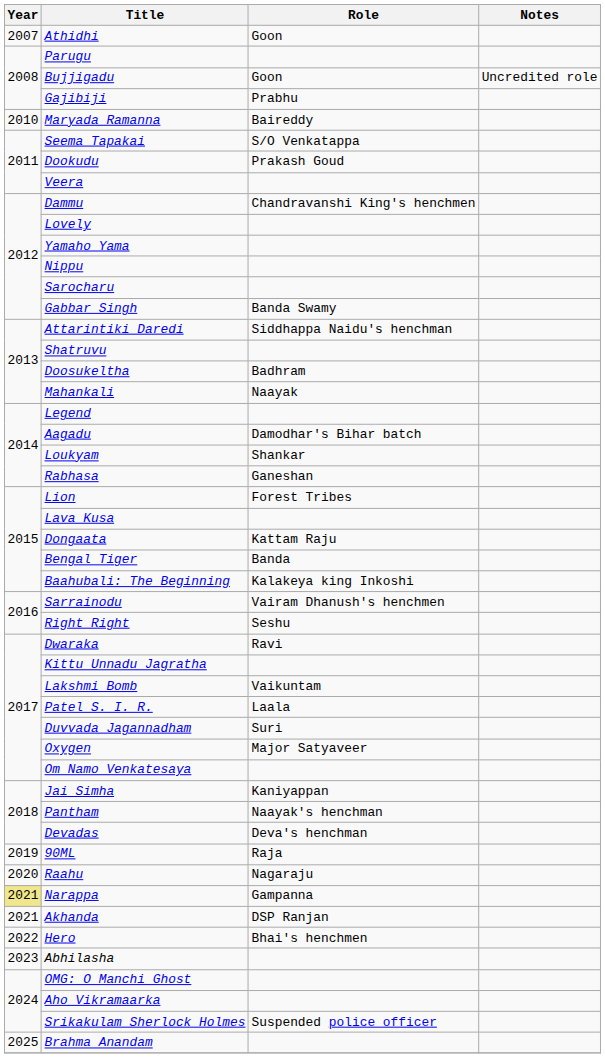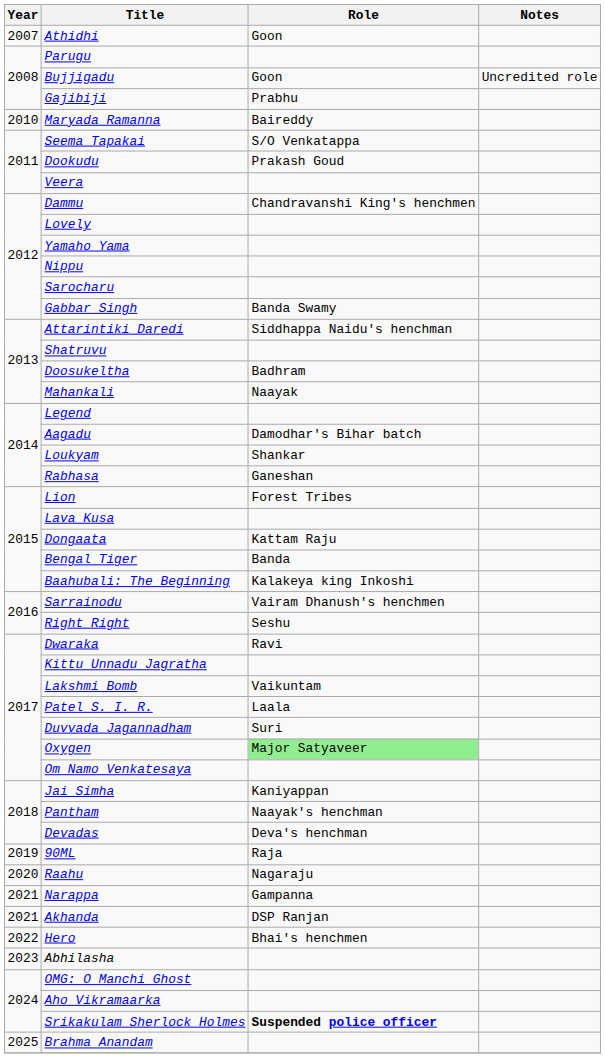 <table class="wikitable">
 <tr>
 <th>Year</th>
 <th>Title</th>
 <th>Role</th>
 <th>Notes</th>
 </tr>
 <tr>
 <td>2007</td>
 <td><em><a href='#'>Athidhi</a></em></td>
 <td>Goon</td>
 <td></td>
 </tr>
 <tr>
 <td rowspan="3">2008</td>
 <td><em><a href='#'>Parugu</a></em></td>
 <td></td>
 <td></td>
 </tr>
 <tr>
 <td><em><a href='#'>Bujjigadu</a></em></td>
 <td>Goon</td>
 <td>Uncredited role</td>
 </tr>
 <tr>
 <td><em><a href='#'>Gajibiji</a></em></td>
 <td>Prabhu</td>
 <td></td>
 </tr>
 <tr>
 <td>2010</td>
 <td><em><a href='#'>Maryada Ramanna</a></em></td>
 <td>Baireddy</td>
 <td></td>
 </tr>
 <tr>
 <td rowspan="3">2011</td>
 <td><em><a href='#'>Seema Tapakai</a></em></td>
 <td>S/O Venkatappa</td>
 <td></td>
 </tr>
 <tr>
 <td><em><a href='#'>Dookudu</a></em></td>
 <td>Prakash Goud</td>
 <td></td>
 </tr>
 <tr>
 <td><em><a href='#'>Veera</a></em></td>
 <td></td>
 <td></td>
 </tr>
 <tr>
 <td rowspan="6">2012</td>
 <td><em><a href='#'>Dammu</a></em></td>
 <td>Chandravanshi King's henchmen</td>
 <td></td>
 </tr>
 <tr>
 <td><em><a href='#'>Lovely</a></em></td>
 <td></td>
 <td></td>
 </tr>
 <tr>
 <td><em><a href='#'>Yamaho Yama</a></em></td>
 <td></td>
 <td></td>
 </tr>
 <tr>
 <td><em><a href='#'>Nippu</a></em></td>
 <td></td>
 <td></td>
 </tr>
 <tr>
 <td><em><a href='#'>Sarocharu</a></em></td>
 <td></td>
 <td></td>
 </tr>
 <tr>
 <td><em><a href='#'>Gabbar Singh</a></em></td>
 <td>Banda Swamy</td>
 <td></td>
 </tr>
 <tr>
 <td rowspan="4">2013</td>
 <td><em><a href='#'>Attarintiki Daredi</a></em></td>
 <td>Siddhappa Naidu's henchman</td>
 <td></td>
 </tr>
 <tr>
 <td><em><a href='#'>Shatruvu</a></em></td>
 <td></td>
 <td></td>
 </tr>
 <tr>
 <td><em><a href='#'>Doosukeltha</a></em></td>
 <td>Badhram</td>
 <td></td>
 </tr>
 <tr>
 <td><em><a href='#'>Mahankali</a></em></td>
 <td>Naayak</td>
 <td></td>
 </tr>
 <tr>
 <td rowspan="4">2014</td>
 <td><em><a href='#'>Legend</a></em></td>
 <td></td>
 <td></td>
 </tr>
 <tr>
 <td><em><a href='#'>Aagadu</a></em></td>
 <td>Damodhar's Bihar batch</td>
 <td></td>
 </tr>
 <tr>
 <td><em><a href='#'>Loukyam</a></em></td>
 <td>Shankar</td>
 <td></td>
 </tr>
 <tr>
 <td><em><a href='#'>Rabhasa</a></em></td>
 <td>Ganeshan</td>
 <td></td>
 </tr>
 <tr>
 <td rowspan="5">2015</td>
 <td><em><a href='#'>Lion</a></em></td>
 <td>Forest Tribes</td>
 <td></td>
 </tr>
 <tr>
 <td><em><a href='#'>Lava Kusa</a></em></td>
 <td></td>
 <td></td>
 </tr>
 <tr>
 <td><em><a href='#'>Dongaata</a></em></td>
 <td>Kattam Raju</td>
 <td></td>
 </tr>
 <tr>
 <td><em><a href='#'>Bengal Tiger</a></em></td>
 <td>Banda</td>
 <td></td>
 </tr>
 <tr>
 <td><em><a href='#'>Baahubali: The Beginning</a></em></td>
 <td>Kalakeya king Inkoshi</td>
 <td></td>
 </tr>
 <tr>
 <td rowspan="2">2016</td>
 <td><em><a href='#'>Sarrainodu</a></em></td>
 <td>Vairam Dhanush's henchmen</td>
 <td></td>
 </tr>
 <tr>
 <td><em><a href='#'>Right Right</a></em></td>
 <td>Seshu</td>
 <td></td>
 </tr>
 <tr>
 <td rowspan="7">2017</td>
 <td><em><a href='#'>Dwaraka</a></em></td>
 <td>Ravi</td>
 <td></td>
 </tr>
 <tr>
 <td><em><a href='#'>Kittu Unnadu Jagratha</a></em></td>
 <td></td>
 <td></td>
 </tr>
 <tr>
 <td><em><a href='#'>Lakshmi Bomb</a></em></td>
 <td>Vaikuntam</td>
 <td></td>
 </tr>
 <tr>
 <td><em><a href='#'>Patel S. I. R.</a></em></td>
 <td>Laala</td>
 <td></td>
 </tr>
 <tr>
 <td><em><a href='#'>Duvvada Jagannadham</a></em></td>
 <td>Suri</td>
 <td></td>
 </tr>
 <tr>
 <td><em><a href='#'>Oxygen</a></em></td>
-<td>Major Satyaveer</td>
+<td style="background: lightgreen;">Major Satyaveer</td>
 <td></td>
 </tr>
 <tr>
 <td><em><a href='#'>Om Namo Venkatesaya</a></em></td>
 <td></td>
 <td></td>
 </tr>
 <tr>
 <td rowspan="3">2018</td>
 <td><em><a href='#'>Jai Simha</a></em></td>
 <td>Kaniyappan</td>
 <td></td>
 </tr>
 <tr>
 <td><em><a href='#'>Pantham</a></em></td>
 <td>Naayak's henchman</td>
 <td></td>
 </tr>
 <tr>
 <td><em><a href='#'>Devadas</a></em></td>
 <td>Deva's henchman</td>
 <td></td>
 </tr>
 <tr>
 <td>2019</td>
 <td><em><a href='#'>90ML</a></em></td>
 <td>Raja</td>
 <td></td>
 </tr>
 <tr>
 <td>2020</td>
 <td><em><a href='#'>Raahu</a></em></td>
 <td>Nagaraju</td>
 <td></td>
 </tr>
 <tr>
-<td style="background: khaki;">2021</td>
+<td>2021</td>
 <td><em><a href='#'>Narappa</a></em></td>
 <td>Gampanna</td>
 <td></td>
 </tr>
 <tr>
 <td>2021</td>
 <td><em><a href='#'>Akhanda</a></em></td>
 <td>DSP Ranjan</td>
 <td></td>
 </tr>
 <tr>
 <td>2022</td>
 <td><em><a href='#'>Hero</a></em></td>
 <td>Bhai's henchmen</td>
 <td></td>
 </tr>
 <tr>
 <td>2023</td>
 <td><em>Abhilasha</em></td>
 <td></td>
 <td></td>
 </tr>
 <tr>
 <td rowspan="3">2024</td>
 <td><em><a href='#'>OMG: O Manchi Ghost</a></em></td>
 <td></td>
 <td></td>
 </tr>
 <tr>
 <td><em><a href='#'>Aho Vikramaarka</a></em></td>
 <td></td>
 <td></td>
 </tr>
 <tr>
 <td><em><a href='#'>Srikakulam Sherlock Holmes</a></em></td>
-<td>Suspended <a href='#'>police officer</a></td>
+<td><strong>Suspended <a href='#'>police officer</a></strong></td>
 <td></td>
 </tr>
 <tr>
 <td>2025</td>
 <td><em><a href='#'>Brahma Anandam</a></em></td>
 <td></td>
 <td></td>
 </tr>
 <tr>
 </tr>
 </table>
